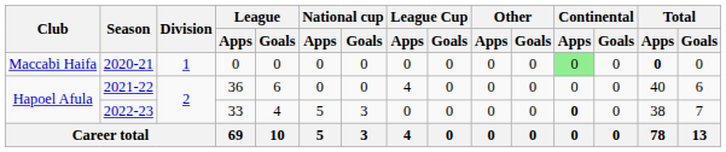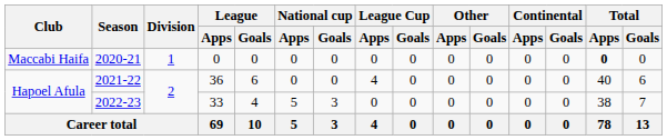 <table class="wikitable" style="text-align: center;">
 <tr>
 <th rowspan="2">Club</th>
 <th rowspan="2">Season</th>
 <th rowspan="2">Division</th>
 <th colspan="2">League</th>
 <th colspan="2">National cup</th>
 <th colspan="2">League Cup</th>
 <th colspan="2">Other</th>
 <th colspan="2">Continental</th>
 <th colspan="2">Total</th>
 </tr>
 <tr>
 <th>Apps</th>
 <th>Goals</th>
 <th>Apps</th>
 <th>Goals</th>
 <th>Apps</th>
 <th>Goals</th>
 <th>Apps</th>
 <th>Goals</th>
 <th>Apps</th>
 <th>Goals</th>
 <th>Apps</th>
 <th>Goals</th>
 </tr>
 <tr>
 <td><a href='#'>Maccabi Haifa</a></td>
 <td><a href='#'>2020-21</a></td>
 <td><a href='#'>1</a></td>
 <td>0</td>
 <td>0</td>
 <td>0</td>
 <td>0</td>
 <td>0</td>
 <td>0</td>
 <td>0</td>
 <td>0</td>
-<td style="background: lightgreen;">0</td>
+<td>0</td>
 <td>0</td>
 <td><strong>0</strong></td>
 <td>0</td>
 </tr>
 <tr>
 <td rowspan=2><a href='#'>Hapoel Afula</a></td>
 <td><a href='#'>2021-22</a></td>
 <td rowspan=2><a href='#'>2</a></td>
 <td>36</td>
 <td>6</td>
 <td>0</td>
 <td>0</td>
 <td>4</td>
 <td>0</td>
 <td>0</td>
 <td>0</td>
 <td>0</td>
 <td>0</td>
 <td>40</td>
 <td>6</td>
 </tr>
 <tr>
 <td><a href='#'>2022-23</a></td>
 <td>33</td>
 <td>4</td>
 <td>5</td>
 <td>3</td>
 <td>0</td>
 <td>0</td>
 <td>0</td>
 <td>0</td>
-<td><strong>0</strong></td>
+<td>0</td>
 <td>0</td>
 <td>38</td>
 <td>7</td>
 </tr>
 <tr>
 <th colspan="3">Career total</th>
 <th>69</th>
 <th>10</th>
 <th>5</th>
 <th>3</th>
 <th>4</th>
 <th>0</th>
 <th>0</th>
 <th>0</th>
 <th>0</th>
 <th>0</th>
 <th>78</th>
 <th>13</th>
 </tr>
 </table>
